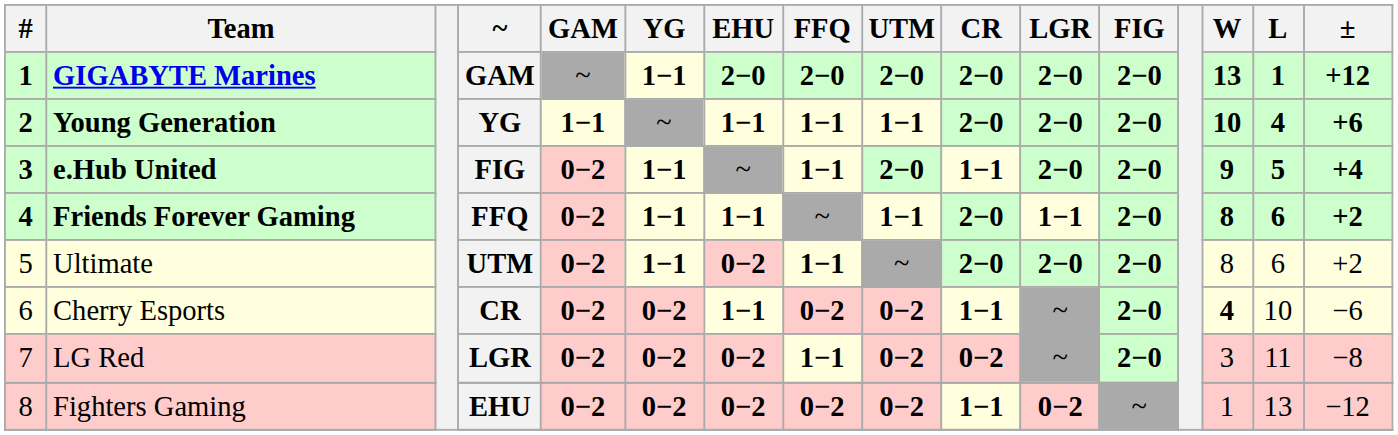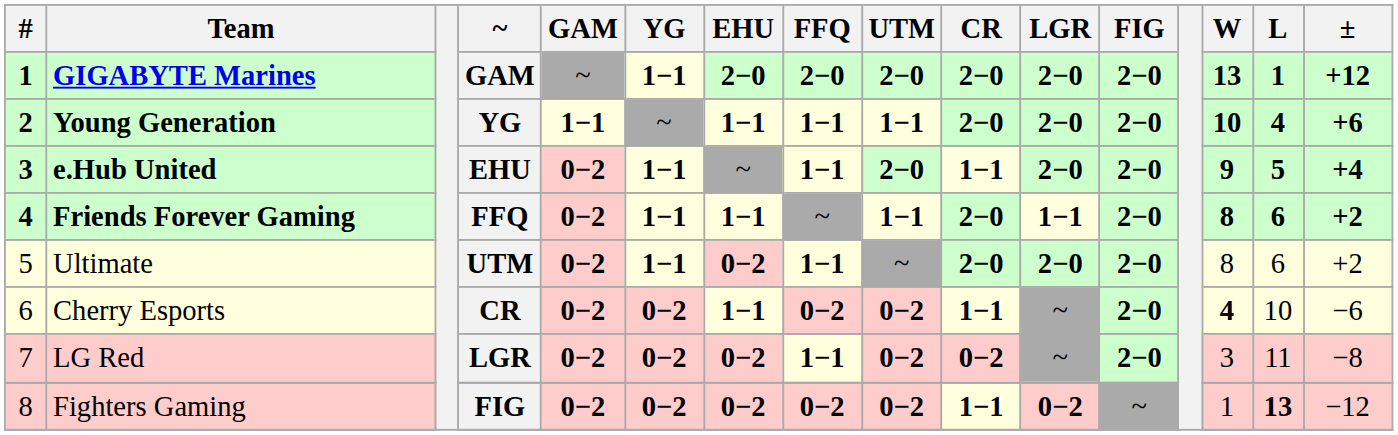 <table class="wikitable" style="font-size: 95%; text-align: center">
 <tr>
 <th style="width:15px;">#</th>
 <th style="width:200px;">Team</th>
 <th rowspan="11" style="width:5px;;"></th>
 <th>~</th>
 <th style="width:35px;" title="">GAM</th>
 <th style="width:35px;" title="">YG</th>
 <th style="width:35px;" title="">EHU</th>
 <th style="width:35px;" title="">FFQ</th>
 <th style="width:35px;" title="">UTM</th>
 <th style="width:35px;" title="">CR</th>
 <th style="width:35px;" title="">LGR</th>
 <th style="width:35px;" title="">FIG</th>
 <th rowspan="11" style="width:5px;;"></th>
 <th style="width:20px;" title="Wins">W</th>
 <th style="width:20px;" title="Losses">L</th>
 <th style="width:40px;">±</th>
 </tr>
 <tr style="background:#cfc;">
 <td><strong>1</strong></td>
 <td style="text-align: left"><strong><a href='#'>GIGABYTE Marines</a></strong></td>
 <th>GAM</th>
 <td style="background:#aaa;">~</td>
 <td style="background:#ffd;"><strong>1−1</strong></td>
 <td style="background:#cfc;"><strong>2−0</strong></td>
 <td style="background:#cfc;"><strong>2−0</strong></td>
 <td style="background:#cfc;"><strong>2−0</strong></td>
 <td style="background:#cfc;"><strong>2−0</strong></td>
 <td style="background:#cfc;"><strong>2−0</strong></td>
 <td style="background:#cfc;"><strong>2−0</strong></td>
 <td><strong>13</strong></td>
 <td><strong>1</strong></td>
 <td><strong>+12</strong></td>
 </tr>
 <tr style="background:#cfc;">
 <td><strong>2</strong></td>
 <td style="text-align: left"><strong>Young Generation</strong></td>
 <th>YG</th>
 <td style="background:#ffd;"><strong>1−1</strong></td>
 <td style="background:#aaa;">~</td>
 <td style="background:#ffd;"><strong>1−1</strong></td>
 <td style="background:#ffd;"><strong>1−1</strong></td>
 <td style="background:#ffd;"><strong>1−1</strong></td>
 <td style="background:#cfc;"><strong>2−0</strong></td>
 <td style="background:#cfc;"><strong>2−0</strong></td>
 <td style="background:#cfc;"><strong>2−0</strong></td>
 <td><strong>10</strong></td>
 <td><strong>4</strong></td>
 <td><strong>+6</strong></td>
 </tr>
 <tr style="background:#cfc;">
 <td><strong>3</strong></td>
 <td style="text-align: left"><strong>e.Hub United</strong></td>
-<th>FIG</th>
+<th>EHU</th>
 <td style="background:#fcc;"><strong>0−2</strong></td>
 <td style="background:#ffd;"><strong>1−1</strong></td>
 <td style="background:#aaa;">~</td>
 <td style="background:#ffd;"><strong>1−1</strong></td>
 <td style="background:#cfc;"><strong>2−0</strong></td>
 <td style="background:#ffd;"><strong>1−1</strong></td>
 <td style="background:#cfc;"><strong>2−0</strong></td>
 <td style="background:#cfc;"><strong>2−0</strong></td>
 <td><strong>9</strong></td>
 <td><strong>5</strong></td>
 <td><strong>+4</strong></td>
 </tr>
 <tr style="background:#cfc;">
 <td><strong>4</strong></td>
 <td style="text-align: left"><strong>⁠Friends Forever Gaming</strong></td>
 <th>FFQ</th>
 <td style="background:#fcc;"><strong>0−2</strong></td>
 <td style="background:#ffd;"><strong>1−1</strong></td>
 <td style="background:#ffd;"><strong>1−1</strong></td>
 <td style="background:#aaa;">~</td>
 <td style="background:#ffd;"><strong>1−1</strong></td>
 <td style="background:#cfc;"><strong>2−0</strong></td>
 <td style="background:#ffd;"><strong>1−1</strong></td>
 <td style="background:#cfc;"><strong>2−0</strong></td>
 <td><strong>8</strong></td>
 <td><strong>6</strong></td>
 <td><strong>+2</strong></td>
 </tr>
 <tr style="background:#ffd;">
 <td>5</td>
 <td style="text-align: left">Ultimate</td>
 <th>UTM</th>
 <td style="background:#fcc;"><strong>0−2</strong></td>
 <td style="background:#ffd;"><strong>1−1</strong></td>
 <td style="background:#fcc;"><strong>0−2</strong></td>
 <td style="background:#ffd;"><strong>1−1</strong></td>
 <td style="background:#aaa;">~</td>
 <td style="background:#cfc;"><strong>2−0</strong></td>
 <td style="background:#cfc;"><strong>2−0</strong></td>
 <td style="background:#cfc;"><strong>2−0</strong></td>
 <td>8</td>
 <td>6</td>
 <td>+2</td>
 </tr>
 <tr style="background:#ffd;">
 <td>6</td>
 <td style="text-align: left">Cherry Esports</td>
 <th>CR</th>
 <td style="background:#fcc;"><strong>0−2</strong></td>
 <td style="background:#fcc;"><strong>0−2</strong></td>
 <td style="background:#ffd;"><strong>1−1</strong></td>
 <td style="background:#fcc;"><strong>0−2</strong></td>
 <td style="background:#fcc;"><strong>0−2</strong></td>
 <td style="background:#ffd;"><strong>1−1</strong></td>
 <td style="background:#aaa;">~</td>
 <td style="background:#cfc;"><strong>2−0</strong></td>
 <td><strong>4</strong></td>
 <td>10</td>
 <td>−6</td>
 </tr>
 <tr style="background:#fcc;">
 <td>7</td>
 <td style="text-align: left">LG Red</td>
 <th>LGR</th>
 <td style="background:#fcc;"><strong>0−2</strong></td>
 <td style="background:#fcc;"><strong>0−2</strong></td>
 <td style="background:#fcc;"><strong>0−2</strong></td>
 <td style="background:#ffd;"><strong>1−1</strong></td>
 <td style="background:#fcc;"><strong>0−2</strong></td>
 <td style="background:#fcc;"><strong>0−2</strong></td>
 <td style="background:#aaa;">~</td>
 <td style="background:#cfc;"><strong>2−0</strong></td>
 <td>3</td>
 <td>11</td>
 <td>−8</td>
 </tr>
 <tr>
 </tr>
 <tr style="background:#fcc;">
 <td>8</td>
 <td style="text-align: left">Fighters Gaming</td>
-<th>EHU</th>
+<th>FIG</th>
 <td style="background:#fcc;"><strong>0−2</strong></td>
 <td style="background:#fcc;"><strong>0−2</strong></td>
 <td style="background:#fcc;"><strong>0−2</strong></td>
 <td style="background:#fcc;"><strong>0−2</strong></td>
 <td style="background:#fcc;"><strong>0−2</strong></td>
 <td style="background:#ffd;"><strong>1−1</strong></td>
 <td style="background:#fcc;"><strong>0−2</strong></td>
 <td style="background:#aaa;">~</td>
 <td>1</td>
-<td>13</td>
+<td><strong>13</strong></td>
 <td>−12</td>
 </tr>
 <tr>
 </tr>
 </table>
